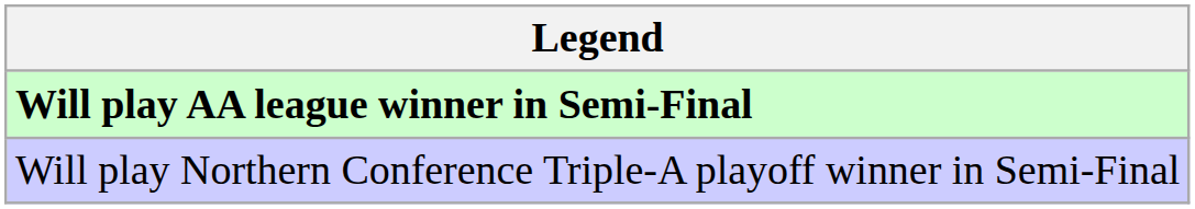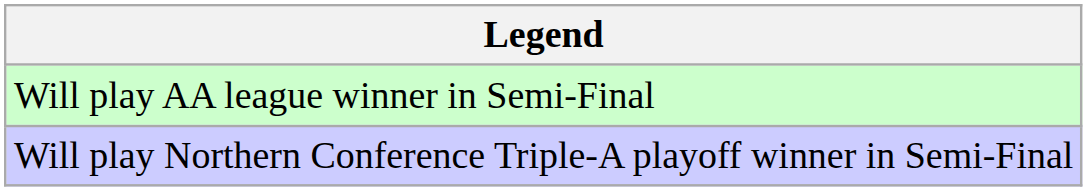 <table class="wikitable">
 <tr>
 <th>Legend</th>
 </tr>
 <tr bgcolor=ccffcc>
-<td><strong>Will play AA league winner in Semi-Final</strong></td>
+<td>Will play AA league winner in Semi-Final</td>
 </tr>
 <tr bgcolor=ccccff>
 <td>Will play Northern Conference Triple-A playoff winner in Semi-Final</td>
 </tr>
 </table>
